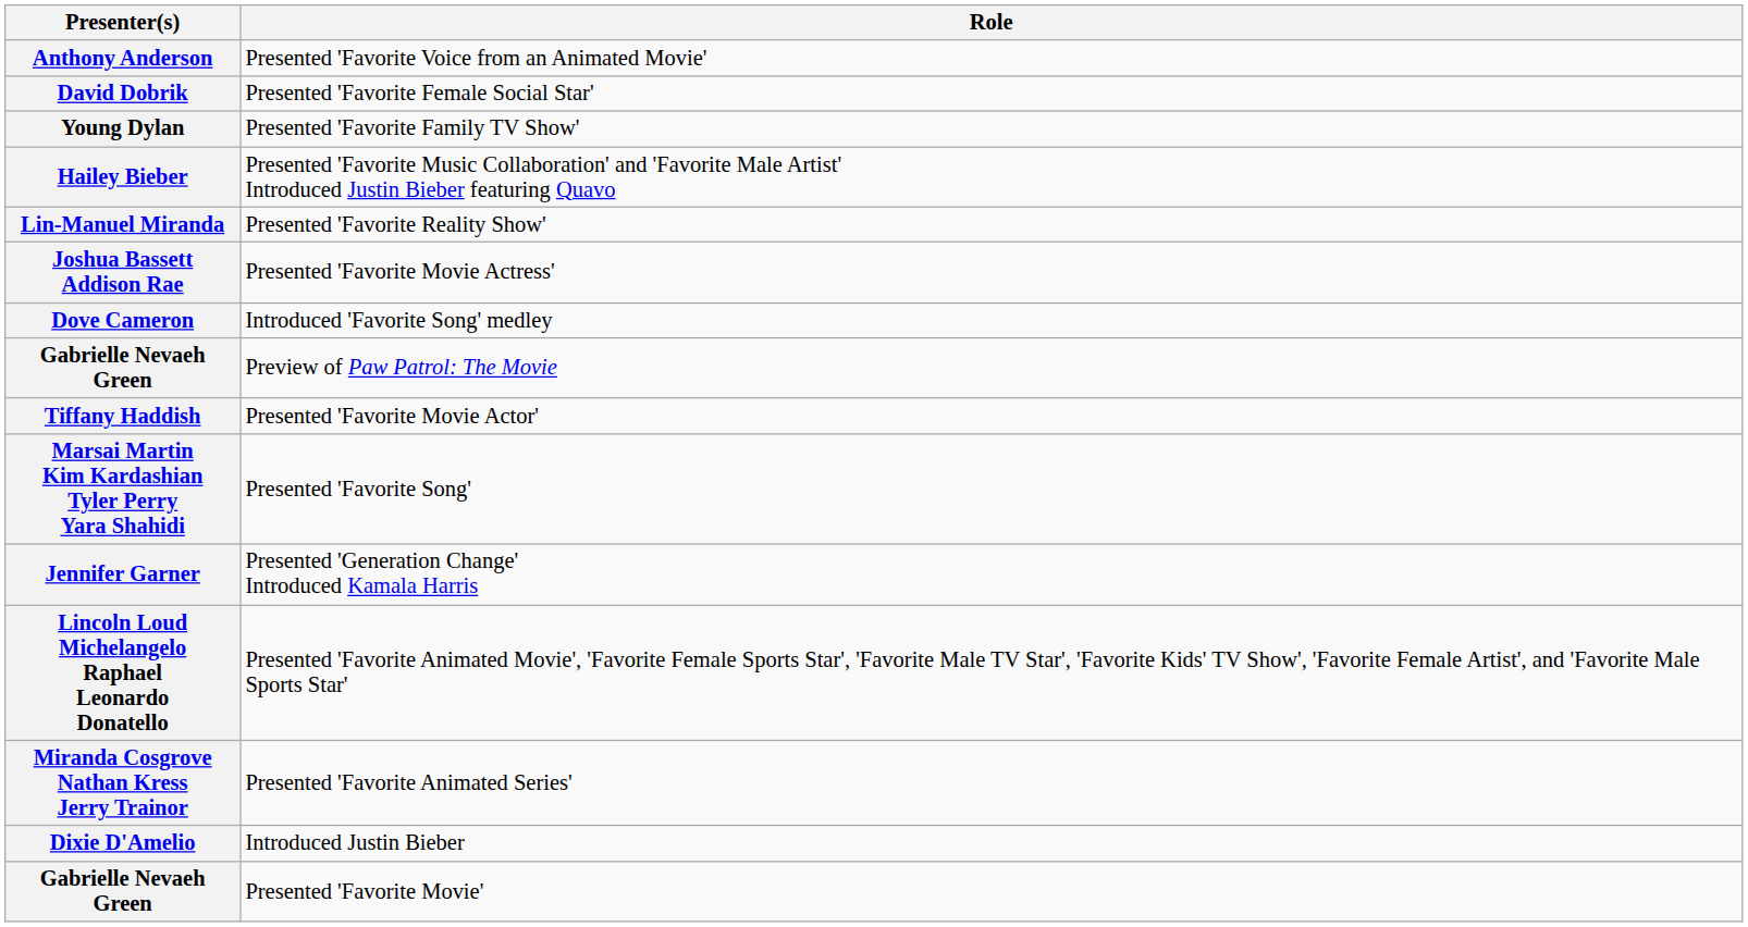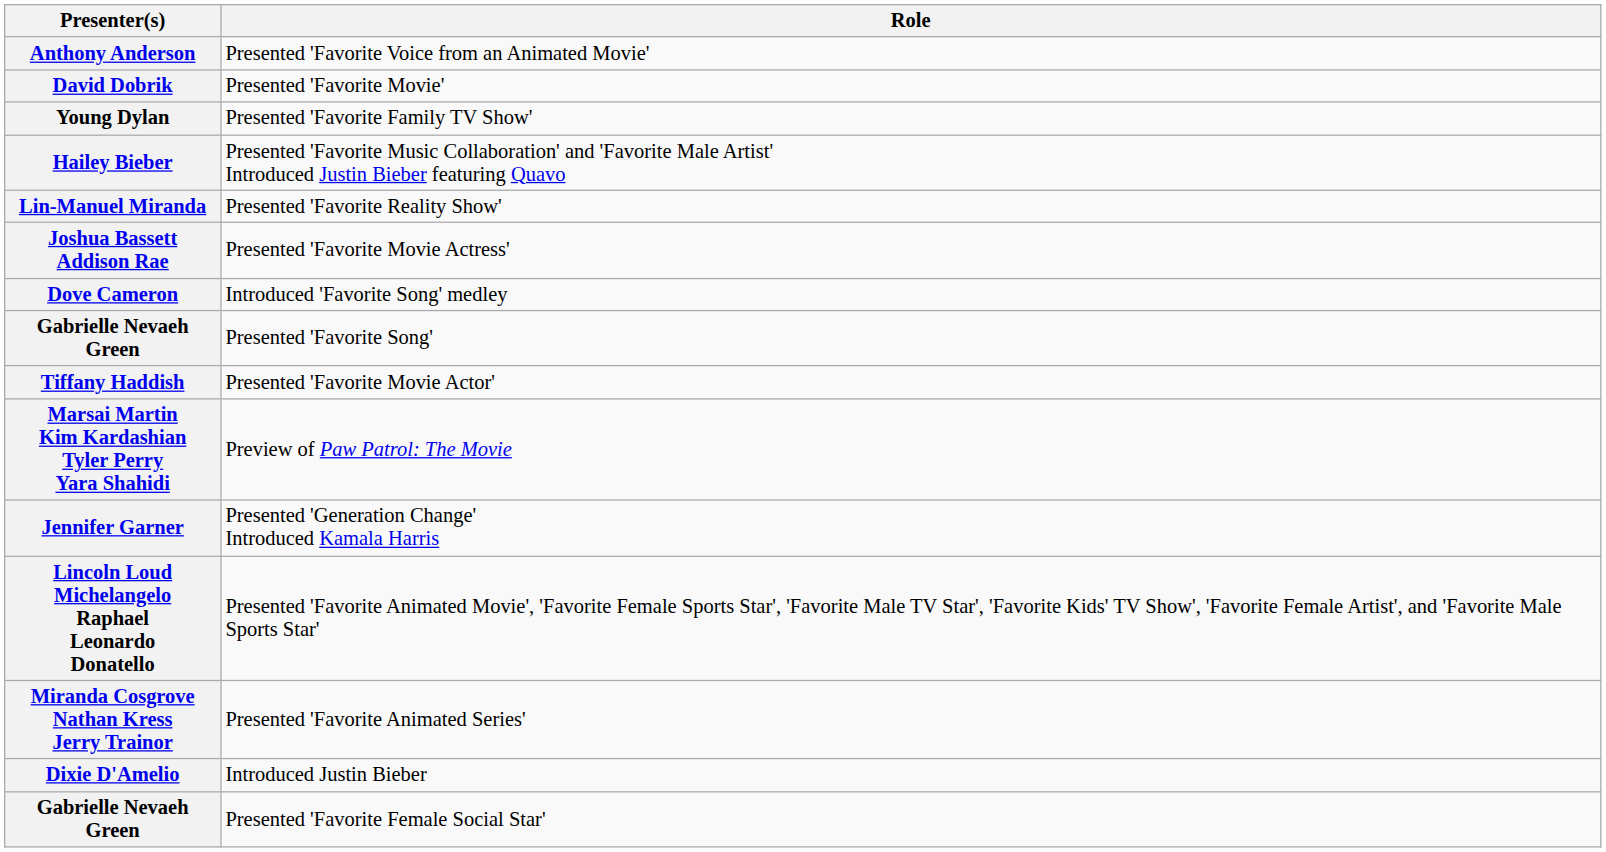 <table class="wikitable plainrowheaders">
 <tr>
 <th scope="col">Presenter(s)</th>
 <th scope="col">Role</th>
 </tr>
 <tr>
 <th scope="row"><a href='#'>Anthony Anderson</a></th>
 <td>Presented 'Favorite Voice from an Animated Movie'</td>
 </tr>
 <tr>
 <th scope="row"><a href='#'>David Dobrik</a></th>
-<td>Presented 'Favorite Female Social Star'</td>
+<td>Presented 'Favorite Movie'</td>
 </tr>
 <tr>
 <th scope="row">Young Dylan</th>
 <td>Presented 'Favorite Family TV Show'</td>
 </tr>
 <tr>
 <th scope="row"><a href='#'>Hailey Bieber</a></th>
 <td>Presented 'Favorite Music Collaboration' and 'Favorite Male Artist'<br>Introduced <a href='#'>Justin Bieber</a> featuring <a href='#'>Quavo</a></td>
 </tr>
 <tr>
 <th scope="row"><a href='#'>Lin-Manuel Miranda</a></th>
 <td>Presented 'Favorite Reality Show'</td>
 </tr>
 <tr>
 <th scope="row"><a href='#'>Joshua Bassett</a><br><a href='#'>Addison Rae</a></th>
 <td>Presented 'Favorite Movie Actress'</td>
 </tr>
 <tr>
 <th scope="row"><a href='#'>Dove Cameron</a></th>
 <td>Introduced 'Favorite Song' medley</td>
 </tr>
 <tr>
 <th scope="row">Gabrielle Nevaeh Green</th>
-<td>Preview of <em><a href='#'>Paw Patrol: The Movie</a></em></td>
+<td>Presented 'Favorite Song'</td>
 </tr>
 <tr>
 <th scope="row"><a href='#'>Tiffany Haddish</a></th>
 <td>Presented 'Favorite Movie Actor'</td>
 </tr>
 <tr>
 <th scope="row"><a href='#'>Marsai Martin</a><br><a href='#'>Kim Kardashian</a><br><a href='#'>Tyler Perry</a><br><a href='#'>Yara Shahidi</a></th>
-<td>Presented 'Favorite Song'</td>
+<td>Preview of <em><a href='#'>Paw Patrol: The Movie</a></em></td>
 </tr>
 <tr>
 <th scope="row"><a href='#'>Jennifer Garner</a></th>
 <td>Presented 'Generation Change'<br>Introduced <a href='#'>Kamala Harris</a></td>
 </tr>
 <tr>
 <th scope="row"><a href='#'>Lincoln Loud</a><br><a href='#'>Michelangelo</a><br>Raphael<br>Leonardo<br>Donatello</th>
 <td>Presented 'Favorite Animated Movie', 'Favorite Female Sports Star', 'Favorite Male TV Star', 'Favorite Kids' TV Show', 'Favorite Female Artist', and 'Favorite Male Sports Star'</td>
 </tr>
 <tr>
 <th scope="row"><a href='#'>Miranda Cosgrove</a><br><a href='#'>Nathan Kress</a><br><a href='#'>Jerry Trainor</a></th>
 <td>Presented 'Favorite Animated Series'</td>
 </tr>
 <tr>
 <th scope="row"><a href='#'>Dixie D'Amelio</a></th>
 <td>Introduced Justin Bieber</td>
 </tr>
 <tr>
 <th scope="row">Gabrielle Nevaeh Green</th>
-<td>Presented 'Favorite Movie'</td>
+<td>Presented 'Favorite Female Social Star'</td>
 </tr>
 </table>
